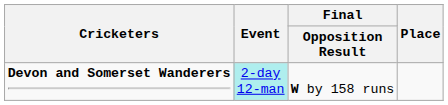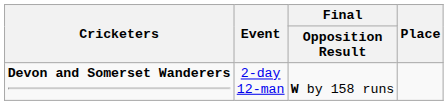 <table class="wikitable">
 <tr>
 <th rowspan=2>Cricketers</th>
 <th rowspan=2>Event</th>
 <th>Final</th>
 <th rowspan=2>Place</th>
 </tr>
 <tr>
 <th>Opposition <br> Result</th>
 </tr>
 <tr align=center>
 <td align=left><strong>Devon and Somerset Wanderers <hr> </strong></td>
-<td style="background: paleturquoise;"><a href='#'>2-day <br> 12-man</a></td>
+<td><a href='#'>2-day <br> 12-man</a></td>
 <td> <br> <strong>W</strong> by 158 runs</td>
 <td></td>
 </tr>
 </table>
